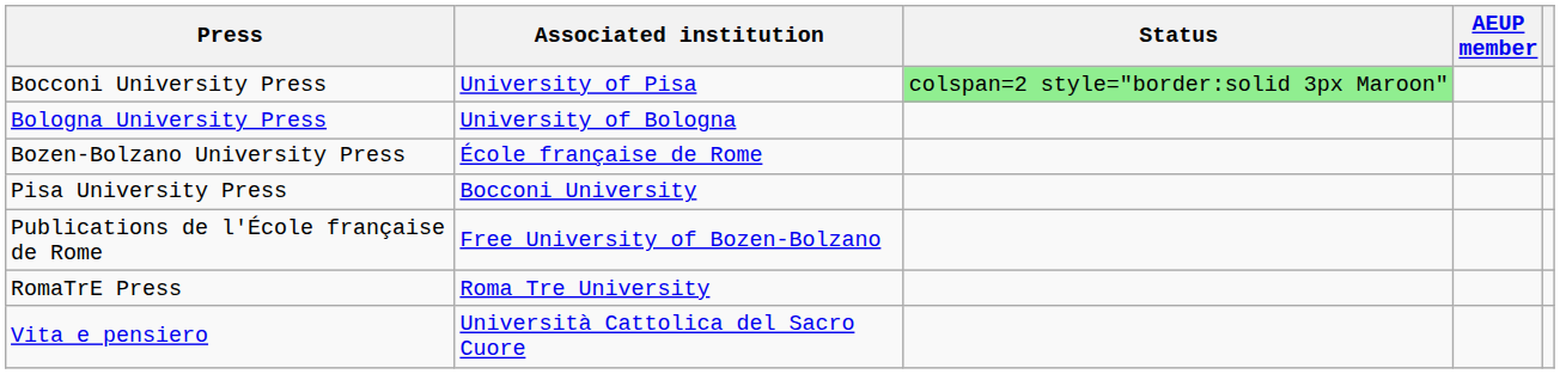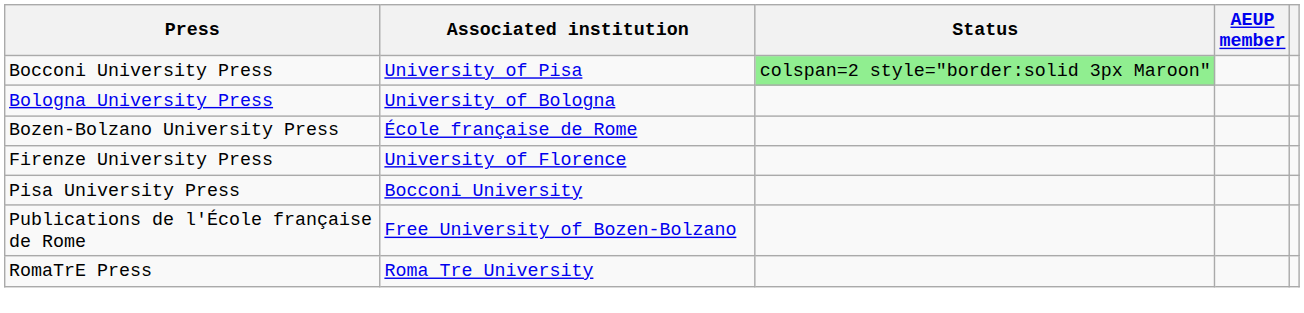 <table class="wikitable sortable">
 <tr>
 <th style="width:20em">Press</th>
 <th style="width:20em">Associated institution</th>
 <th>Status</th>
 <th><a href='#'>AEUP<br>member</a></th>
 <th></th>
 </tr>
 <tr>
 <td>Bocconi University Press</td>
 <td><a href='#'>University of Pisa</a></td>
 <td style="background: lightgreen;">colspan=2 style="border:solid 3px Maroon" </td>
 <td></td>
 </tr>
 <tr>
 <td><a href='#'>Bologna University Press</a></td>
 <td><a href='#'>University of Bologna</a></td>
 <td></td>
 <td></td>
 <td></td>
 </tr>
 <tr>
 <td>Bozen-Bolzano University Press</td>
 <td><a href='#'>École française de Rome</a></td>
 <td></td>
 <td></td>
 <td></td>
 </tr>
 <tr>
+<td>Firenze University Press</td>
+<td><a href='#'>University of Florence</a></td>
+<td></td>
+<td></td>
+<td></td>
+</tr>
+<tr>
 <td>Pisa University Press</td>
 <td><a href='#'>Bocconi University</a></td>
 <td></td>
 <td></td>
 <td></td>
 </tr>
 <tr>
 <td>Publications de l'École française de Rome</td>
 <td><a href='#'>Free University of Bozen-Bolzano</a></td>
 <td></td>
 <td></td>
 <td></td>
 </tr>
 <tr>
 <td>RomaTrE Press</td>
 <td><a href='#'>Roma Tre University</a></td>
 <td></td>
 <td></td>
 <td></td>
 </tr>
-<tr>
-<td><a href='#'>Vita e pensiero</a></td>
-<td><a href='#'>Università Cattolica del Sacro Cuore</a></td>
-<td></td>
-<td></td>
-<td></td>
-</tr>
 </table>
